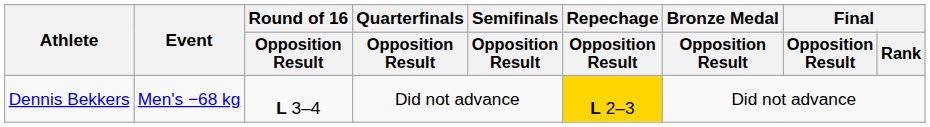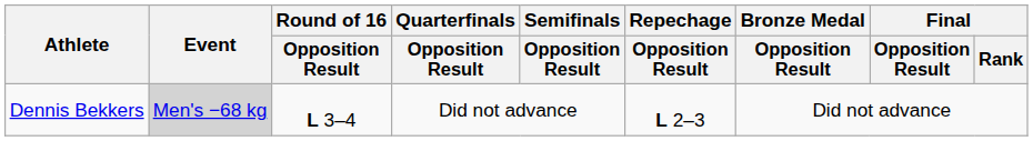 <table class="wikitable" style="font-size:90%">
 <tr>
 <th rowspan="2">Athlete</th>
 <th rowspan="2">Event</th>
 <th>Round of 16</th>
 <th>Quarterfinals</th>
 <th>Semifinals</th>
 <th>Repechage</th>
 <th>Bronze Medal</th>
 <th colspan=2>Final</th>
 </tr>
 <tr style="font-size:95%">
 <th>Opposition<br>Result</th>
 <th>Opposition<br>Result</th>
 <th>Opposition<br>Result</th>
 <th>Opposition<br>Result</th>
 <th>Opposition<br>Result</th>
 <th>Opposition<br>Result</th>
 <th>Rank</th>
 </tr>
 <tr align=center>
 <td align=left><a href='#'>Dennis Bekkers</a></td>
-<td align=left><a href='#'>Men's −68 kg</a></td>
+<td align=left style="background: lightgrey;"><a href='#'>Men's −68 kg</a></td>
 <td><br><strong>L</strong> 3–4</td>
 <td colspan=2>Did not advance</td>
-<td style="background: gold;"><br><strong>L</strong> 2–3</td>
+<td><br><strong>L</strong> 2–3</td>
 <td colspan=3>Did not advance</td>
 </tr>
 </table>
